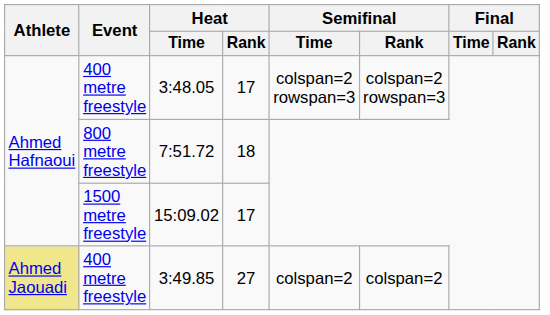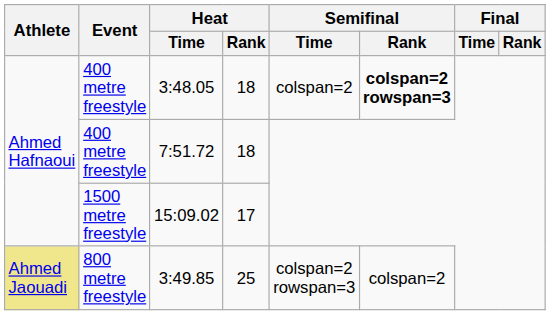 <table class="wikitable" style="text-align:center; font-size:90%; width:50%;">
 <tr>
 <th rowspan="2">Athlete</th>
 <th rowspan="2">Event</th>
 <th colspan="2">Heat</th>
 <th colspan="2">Semifinal</th>
 <th colspan="2">Final</th>
 </tr>
 <tr style="font-size:95%">
 <th>Time</th>
 <th>Rank</th>
 <th>Time</th>
 <th>Rank</th>
 <th>Time</th>
 <th>Rank</th>
 </tr>
 <tr align=center>
 <td align=left rowspan=3><a href='#'>Ahmed Hafnaoui</a></td>
 <td align=left><a href='#'>400 metre freestyle</a></td>
 <td>3:48.05</td>
-<td>17</td>
-<td>colspan=2  rowspan=3 </td>
-<td>colspan=2  rowspan=3 </td>
+<td>18</td>
+<td>colspan=2 </td>
+<td><strong>colspan=2  rowspan=3 </strong></td>
 </tr>
 <tr align=center>
-<td align=left><a href='#'>800 metre freestyle</a></td>
+<td align=left><a href='#'>400 metre freestyle</a></td>
 <td>7:51.72</td>
 <td>18</td>
 </tr>
 <tr align=center>
 <td align=left><a href='#'>1500 metre freestyle</a></td>
 <td>15:09.02</td>
 <td>17</td>
 </tr>
 <tr align=center>
 <td align=left style="background: khaki;"><a href='#'>Ahmed Jaouadi</a></td>
-<td align=left><a href='#'>400 metre freestyle</a></td>
+<td align=left><a href='#'>800 metre freestyle</a></td>
 <td>3:49.85</td>
-<td>27</td>
-<td>colspan=2 </td>
+<td>25</td>
+<td>colspan=2  rowspan=3 </td>
 <td>colspan=2 </td>
 </tr>
 </table>
